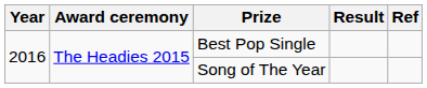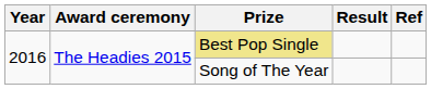 <table class ="wikitable">
 <tr>
 <th>Year</th>
 <th>Award ceremony</th>
 <th>Prize</th>
 <th>Result</th>
 <th>Ref</th>
 </tr>
 <tr>
 <td rowspan="2">2016</td>
 <td rowspan="2"><a href='#'>The Headies 2015</a></td>
-<td>Best Pop Single</td>
+<td style="background: khaki;">Best Pop Single</td>
 <td></td>
 <td></td>
 </tr>
 <tr>
 <td>Song of The Year</td>
 <td></td>
 <td></td>
 </tr>
 </table>
